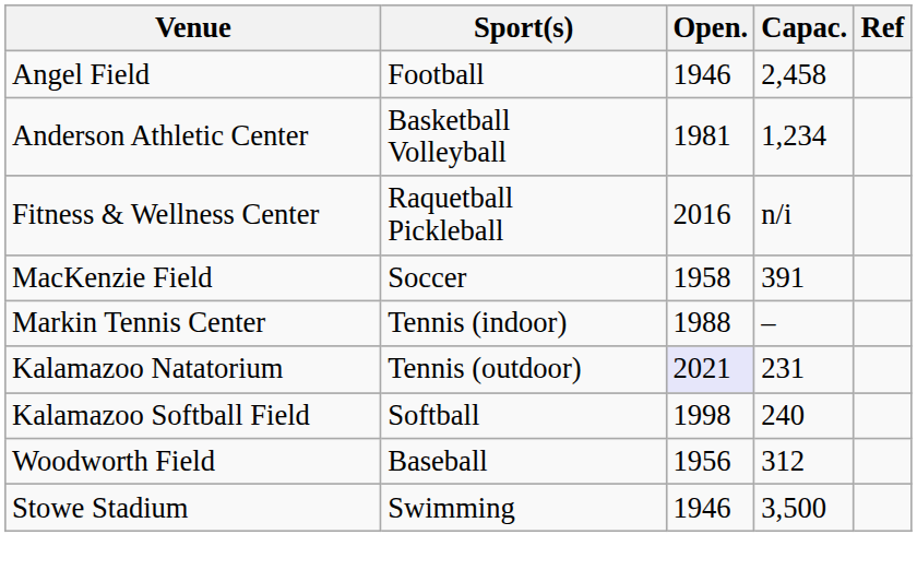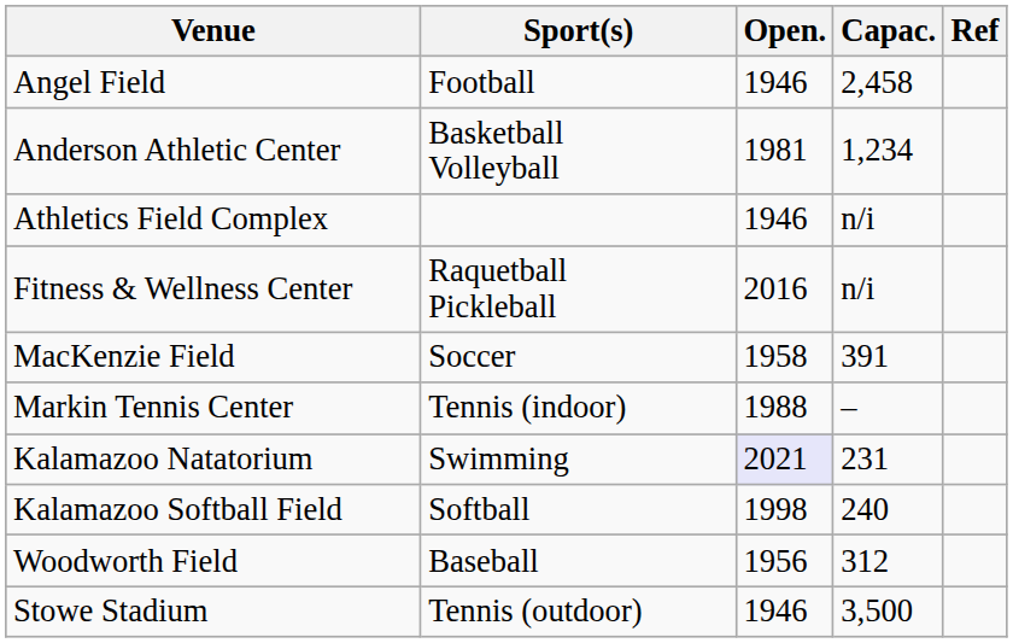 <table class="wikitable"; style= "text-align: ">
 <tr>
 <th width=200px>Venue</th>
 <th width=150px>Sport(s)</th>
 <th width=px>Open.</th>
 <th width=px>Capac.</th>
 <th width=px>Ref</th>
 </tr>
 <tr>
 <td>Angel Field</td>
 <td>Football</td>
 <td>1946</td>
 <td>2,458</td>
 <td></td>
 </tr>
 <tr>
 <td>Anderson Athletic Center</td>
 <td>Basketball<br>Volleyball</td>
 <td>1981</td>
 <td>1,234</td>
+<td></td>
+</tr>
+<tr>
+<td>Athletics Field Complex</td>
+<td></td>
+<td>1946</td>
+<td>n/i</td>
 <td></td>
 </tr>
 <tr>
 <td>Fitness & Wellness Center</td>
 <td>Raquetball<br>Pickleball</td>
 <td>2016</td>
 <td>n/i</td>
 <td></td>
 </tr>
 <tr>
 <td>MacKenzie Field</td>
 <td>Soccer</td>
 <td>1958</td>
 <td>391</td>
 <td></td>
 </tr>
 <tr>
 <td>Markin Tennis Center</td>
 <td>Tennis (indoor)</td>
 <td>1988</td>
 <td>–</td>
 <td></td>
 </tr>
 <tr>
 <td>Kalamazoo Natatorium</td>
-<td>Tennis (outdoor)</td>
+<td>Swimming</td>
 <td style="background: lavender;">2021</td>
 <td>231</td>
 <td></td>
 </tr>
 <tr>
 <td>Kalamazoo Softball Field</td>
 <td>Softball</td>
 <td>1998</td>
 <td>240</td>
 <td></td>
 </tr>
 <tr>
 <td>Woodworth Field</td>
 <td>Baseball</td>
 <td>1956</td>
 <td>312</td>
 <td></td>
 </tr>
 <tr>
 <td>Stowe Stadium</td>
-<td>Swimming</td>
+<td>Tennis (outdoor)</td>
 <td>1946</td>
 <td>3,500</td>
 <td></td>
 </tr>
 </table>
